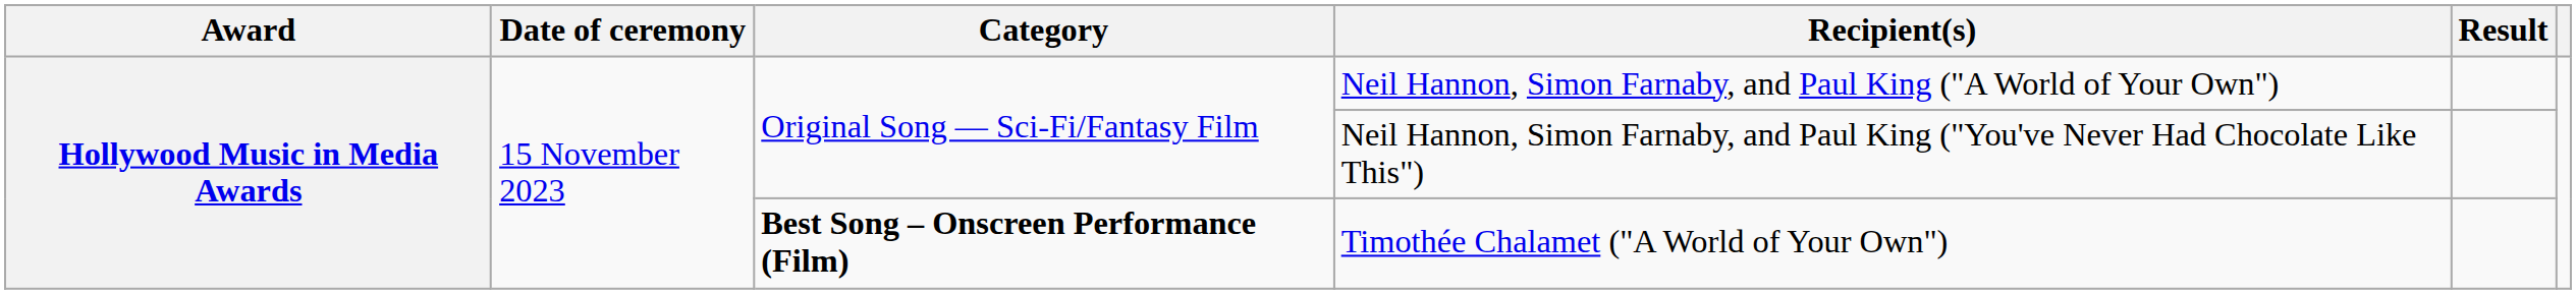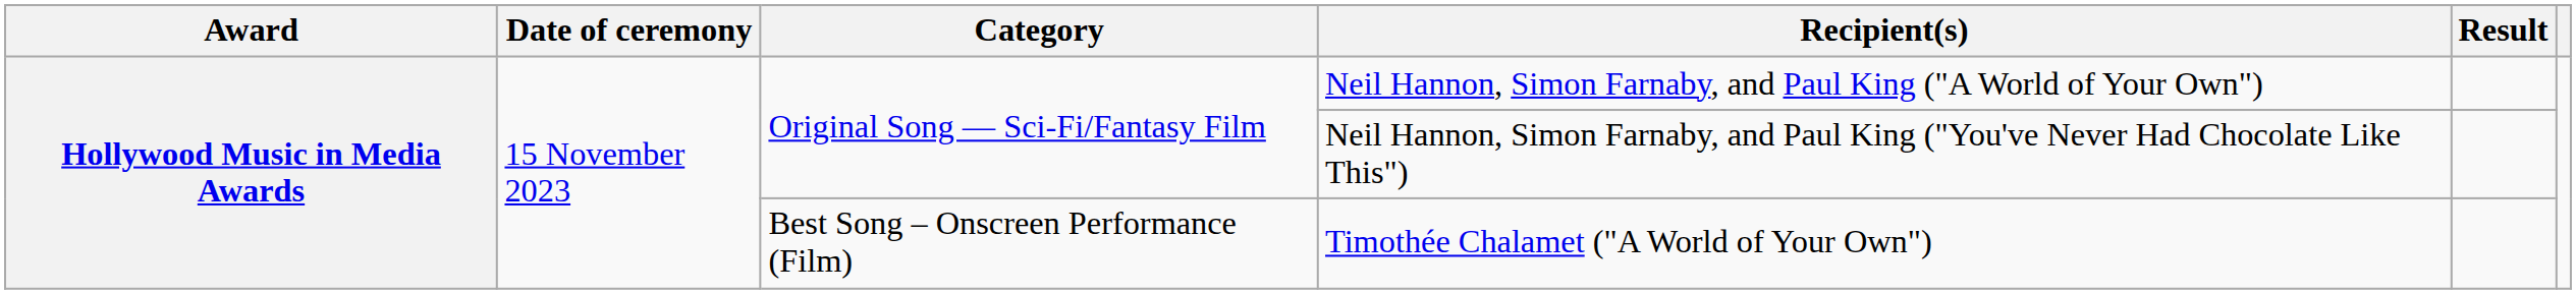 <table class="wikitable plainrowheaders sortable">
 <tr>
 <th scope="col">Award</th>
 <th scope="col">Date of ceremony</th>
 <th scope="col">Category</th>
 <th scope="col">Recipient(s)</th>
 <th scope="col">Result</th>
 <th scope="col" class="unsortable"></th>
 </tr>
 <tr>
 <th scope="row" rowspan="3"><a href='#'>Hollywood Music in Media Awards</a></th>
 <td rowspan="3"><a href='#'>15 November 2023</a></td>
 <td rowspan="2"><a href='#'>Original Song — Sci-Fi/Fantasy Film</a></td>
 <td><a href='#'>Neil Hannon</a>, <a href='#'>Simon Farnaby</a>, and <a href='#'>Paul King</a> ("A World of Your Own")</td>
 <td></td>
 <td rowspan="3" align="center"><br><br></td>
 </tr>
 <tr>
 <td>Neil Hannon, Simon Farnaby, and Paul King ("You've Never Had Chocolate Like This")</td>
 <td></td>
 </tr>
 <tr>
-<td><strong>Best Song – Onscreen Performance (Film)</strong></td>
+<td>Best Song – Onscreen Performance (Film)</td>
 <td><a href='#'>Timothée Chalamet</a> ("A World of Your Own")</td>
 <td></td>
 </tr>
 </table>
